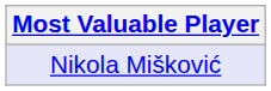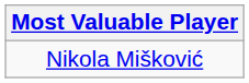 <table class=wikitable style="text-align:center; margin:auto">
 <tr>
 <th><a href='#'>Most Valuable Player</a></th>
 </tr>
 <tr>
-<td style="background: lavender;"> <a href='#'>Nikola Mišković</a></td>
+<td> <a href='#'>Nikola Mišković</a></td>
 </tr>
 </table>
